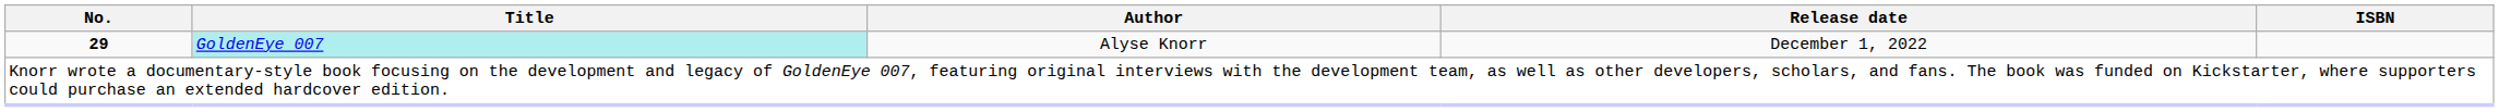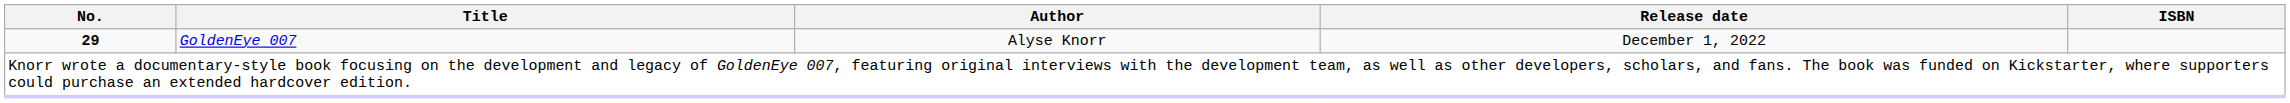 <table class="wikitable" style="margin: 1em auto 1em auto" width="100%">
 <tr>
 <th>No.</th>
 <th>Title</th>
 <th>Author</th>
 <th>Release date</th>
 <th>ISBN</th>
 </tr>
 <tr>
 <td style="text-align: center"><strong>29</strong></td>
-<td style="background: paleturquoise;"><em><a href='#'>GoldenEye 007</a></em></td>
+<td><em><a href='#'>GoldenEye 007</a></em></td>
 <td style="text-align: center">Alyse Knorr</td>
 <td style="text-align: center">December 1, 2022</td>
 <td></td>
 </tr>
 <tr>
 <td colspan=5 class="description" style="background:#FFFFFF; border-bottom:3px solid #CCCCFF">Knorr wrote a documentary-style book focusing on the development and legacy of <em>GoldenEye 007</em>, featuring original interviews with the development team, as well as other developers, scholars, and fans. The book was funded on Kickstarter, where supporters could purchase an extended hardcover edition.</td>
 </tr>
 </table>
